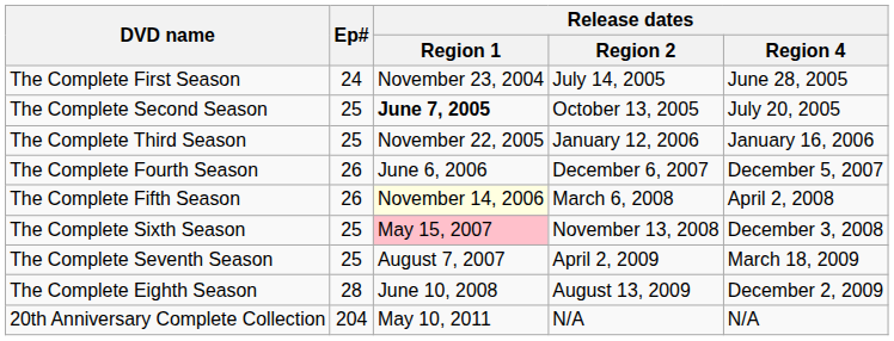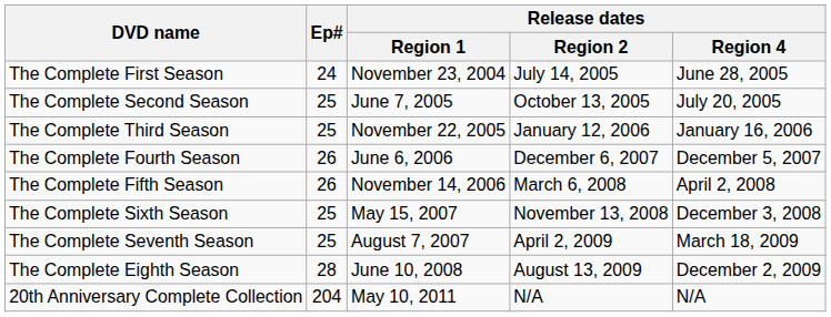 <table class="wikitable">
 <tr>
 <th rowspan="2">DVD name</th>
 <th rowspan="2">Ep#</th>
 <th colspan="3">Release dates</th>
 </tr>
 <tr>
 <th>Region 1</th>
 <th>Region 2</th>
 <th>Region 4</th>
 </tr>
 <tr>
 <td>The Complete First Season</td>
 <td align="center">24</td>
 <td>November 23, 2004</td>
 <td>July 14, 2005</td>
 <td>June 28, 2005</td>
 </tr>
 <tr>
 <td>The Complete Second Season</td>
 <td align="center">25</td>
-<td><strong>June 7, 2005</strong></td>
+<td>June 7, 2005</td>
 <td>October 13, 2005</td>
 <td>July 20, 2005</td>
 </tr>
 <tr>
 <td>The Complete Third Season</td>
 <td align="center">25</td>
 <td>November 22, 2005</td>
 <td>January 12, 2006</td>
 <td>January 16, 2006</td>
 </tr>
 <tr>
 <td>The Complete Fourth Season</td>
 <td align="center">26</td>
 <td>June 6, 2006</td>
 <td>December 6, 2007</td>
 <td>December 5, 2007</td>
 </tr>
 <tr>
 <td>The Complete Fifth Season</td>
 <td align="center">26</td>
-<td style="background: lightyellow;">November 14, 2006</td>
+<td>November 14, 2006</td>
 <td>March 6, 2008</td>
 <td>April 2, 2008</td>
 </tr>
 <tr>
 <td>The Complete Sixth Season</td>
 <td align="center">25</td>
-<td style="background: pink;">May 15, 2007</td>
+<td>May 15, 2007</td>
 <td>November 13, 2008</td>
 <td>December 3, 2008</td>
 </tr>
 <tr>
 <td>The Complete Seventh Season</td>
 <td align="center">25</td>
 <td>August 7, 2007</td>
 <td>April 2, 2009</td>
 <td>March 18, 2009</td>
 </tr>
 <tr>
 <td>The Complete Eighth Season</td>
 <td align="center">28</td>
 <td>June 10, 2008</td>
 <td>August 13, 2009</td>
 <td>December 2, 2009</td>
 </tr>
 <tr>
 <td>20th Anniversary Complete Collection</td>
 <td align="center">204</td>
 <td>May 10, 2011</td>
 <td>N/A</td>
 <td>N/A</td>
 </tr>
 </table>
